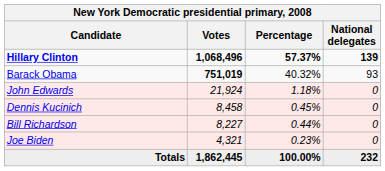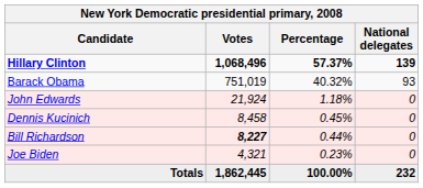 <table class="wikitable" style="font-size:95%; text-align:right;">
 <tr>
 <th colspan="4">New York Democratic presidential primary, 2008</th>
 </tr>
 <tr>
 <th style="width: 17em">Candidate</th>
 <th style="width: 5em">Votes</th>
 <th style="width: 7em">Percentage</th>
 <th style="width: 5em">National delegates</th>
 </tr>
 <tr>
 <td style="text-align:left;"><strong><a href='#'>Hillary Clinton</a></strong></td>
 <td><strong>1,068,496</strong></td>
 <td><strong>57.37%</strong></td>
 <td><strong>139</strong></td>
 </tr>
 <tr>
 <td style="text-align:left;"><a href='#'>Barack Obama</a></td>
-<td><strong>751,019</strong></td>
+<td>751,019</td>
 <td>40.32%</td>
 <td>93</td>
 </tr>
 <tr style="background:#ffe8e8;">
 <td style="text-align:left;"><em><a href='#'>John Edwards</a></em></td>
 <td><em>21,924</em></td>
 <td><em>1.18%</em></td>
 <td><em>0</em></td>
 </tr>
 <tr style="background:#ffe8e8;">
 <td style="text-align:left;"><em><a href='#'>Dennis Kucinich</a></em></td>
 <td><em>8,458</em></td>
 <td><em>0.45%</em></td>
 <td><em>0</em></td>
 </tr>
 <tr style="background:#ffe8e8;">
 <td style="text-align:left;"><em><a href='#'>Bill Richardson</a></em></td>
-<td><em>8,227</em></td>
+<td><strong><em>8,227</em></strong></td>
 <td><em>0.44%</em></td>
 <td><em>0</em></td>
 </tr>
 <tr style="background:#ffe8e8;">
 <td style="text-align:left;"><em><a href='#'>Joe Biden</a></em></td>
 <td><em>4,321</em></td>
 <td><em>0.23%</em></td>
 <td><em>0</em></td>
 </tr>
 <tr style="background:#eee; margin-right:0.5em;">
 <td><strong>Totals</strong></td>
 <td><strong>1,862,445</strong></td>
 <td><strong>100.00%</strong></td>
 <td><strong>232</strong></td>
 </tr>
 </table>
